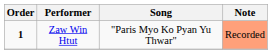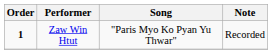 <table class="wikitable" style="text-align:center; width:65%;">
 <tr>
 <th>Order</th>
 <th>Performer</th>
 <th>Song</th>
 <th>Note</th>
 </tr>
 <tr>
 <td><strong>1</strong></td>
 <td><a href='#'>Zaw Win Htut</a></td>
 <td>"Paris Myo Ko Pyan Yu Thwar"</td>
-<td style="background: lightsalmon;">Recorded</td>
+<td>Recorded</td>
 </tr>
 <tr>
 </tr>
 </table>
